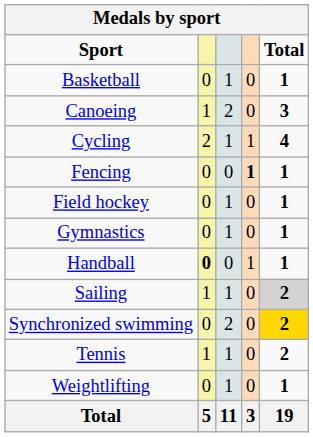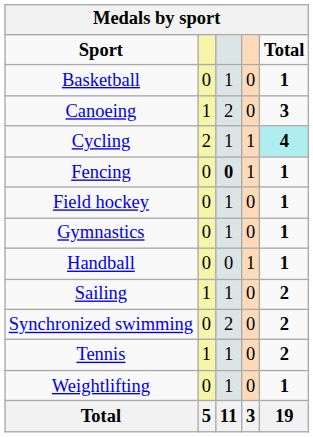 <table class="wikitable" style="font-size:85%; text-align:center; float:right">
 <tr bgcolor=#efefef>
 <th colspan=7>Medals by sport</th>
 </tr>
 <tr align=center>
 <td><strong>Sport</strong></td>
 <td bgcolor=#f7f6a8></td>
 <td bgcolor=#dce5e5></td>
 <td bgcolor=#ffdab9></td>
 <td><strong>Total</strong></td>
 </tr>
 <tr>
 <td><a href='#'>Basketball</a></td>
 <td bgcolor=#f7f6a8>0</td>
 <td bgcolor=#dce5e5>1</td>
 <td bgcolor=#ffdab9>0</td>
 <td><strong>1</strong></td>
 </tr>
 <tr>
 <td><a href='#'>Canoeing</a></td>
 <td bgcolor=#f7f6a8>1</td>
 <td bgcolor=#dce5e5>2</td>
 <td bgcolor=#ffdab9>0</td>
 <td><strong>3</strong></td>
 </tr>
 <tr>
 <td><a href='#'>Cycling</a></td>
 <td bgcolor=#f7f6a8>2</td>
 <td bgcolor=#dce5e5>1</td>
 <td bgcolor=#ffdab9>1</td>
-<td><strong>4</strong></td>
+<td style="background: paleturquoise;"><strong>4</strong></td>
 </tr>
 <tr>
 <td><a href='#'>Fencing</a></td>
 <td bgcolor=#f7f6a8>0</td>
-<td bgcolor=#dce5e5>0</td>
-<td bgcolor=#ffdab9><strong>1</strong></td>
+<td bgcolor=#dce5e5><strong>0</strong></td>
+<td bgcolor=#ffdab9>1</td>
 <td><strong>1</strong></td>
 </tr>
 <tr>
 <td><a href='#'>Field hockey</a></td>
 <td bgcolor=#f7f6a8>0</td>
 <td bgcolor=#dce5e5>1</td>
 <td bgcolor=#ffdab9>0</td>
 <td><strong>1</strong></td>
 </tr>
 <tr>
 <td><a href='#'>Gymnastics</a></td>
 <td bgcolor=#f7f6a8>0</td>
 <td bgcolor=#dce5e5>1</td>
 <td bgcolor=#ffdab9>0</td>
 <td><strong>1</strong></td>
 </tr>
 <tr>
 <td><a href='#'>Handball</a></td>
-<td bgcolor=#f7f6a8><strong>0</strong></td>
+<td bgcolor=#f7f6a8>0</td>
 <td bgcolor=#dce5e5>0</td>
 <td bgcolor=#ffdab9>1</td>
 <td><strong>1</strong></td>
 </tr>
 <tr>
 <td><a href='#'>Sailing</a></td>
 <td bgcolor=#f7f6a8>1</td>
 <td bgcolor=#dce5e5>1</td>
 <td bgcolor=#ffdab9>0</td>
-<td style="background: lightgrey;"><strong>2</strong></td>
+<td><strong>2</strong></td>
 </tr>
 <tr>
 <td><a href='#'>Synchronized swimming</a></td>
 <td bgcolor=#f7f6a8>0</td>
 <td bgcolor=#dce5e5>2</td>
 <td bgcolor=#ffdab9>0</td>
-<td style="background: gold;"><strong>2</strong></td>
+<td><strong>2</strong></td>
 </tr>
 <tr>
 <td><a href='#'>Tennis</a></td>
 <td bgcolor=#f7f6a8>1</td>
 <td bgcolor=#dce5e5>1</td>
 <td bgcolor=#ffdab9>0</td>
 <td><strong>2</strong></td>
 </tr>
 <tr>
 <td><a href='#'>Weightlifting</a></td>
 <td bgcolor=#f7f6a8>0</td>
 <td bgcolor=#dce5e5>1</td>
 <td bgcolor=#ffdab9>0</td>
 <td><strong>1</strong></td>
 </tr>
 <tr>
 <th>Total</th>
 <th bgcolor=#f7f6a8>5</th>
 <th bgcolor=#dce5e5>11</th>
 <th bgcolor=#ffdab9>3</th>
 <th>19</th>
 </tr>
 </table>
